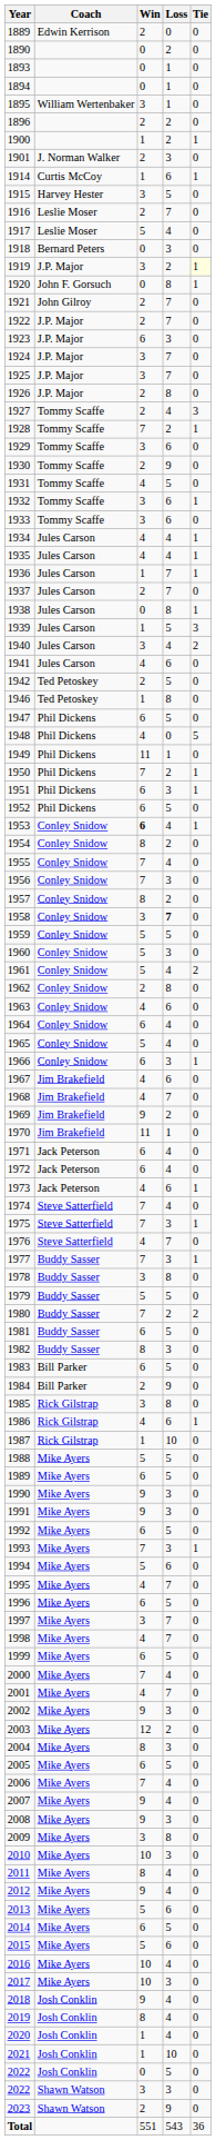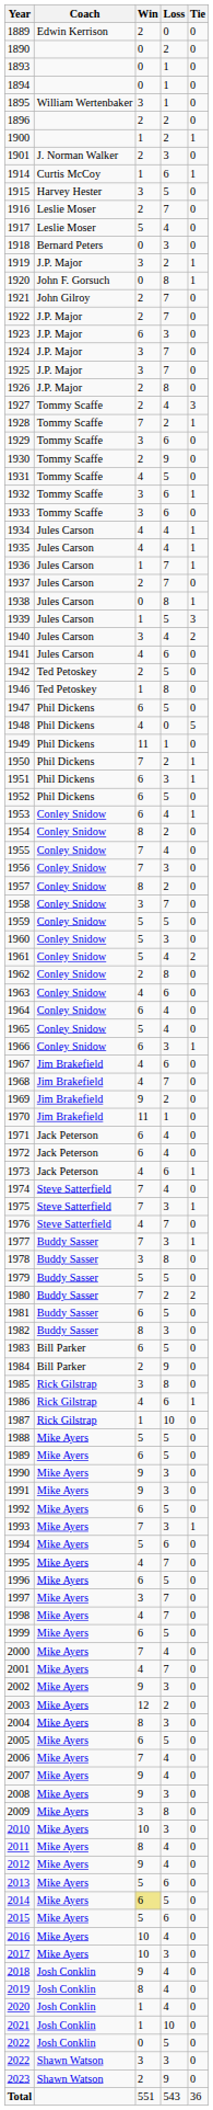 <table class="wikitable">
 <tr>
 <th>Year</th>
 <th>Coach</th>
 <th>Win</th>
 <th>Loss</th>
 <th>Tie</th>
 </tr>
 <tr>
 <td>1889</td>
 <td>Edwin Kerrison</td>
 <td>2</td>
 <td>0</td>
 <td>0</td>
 </tr>
 <tr>
 <td>1890</td>
 <td></td>
 <td>0</td>
 <td>2</td>
 <td>0</td>
 </tr>
 <tr>
 <td>1893</td>
 <td></td>
 <td>0</td>
 <td>1</td>
 <td>0</td>
 </tr>
 <tr>
 <td>1894</td>
 <td></td>
 <td>0</td>
 <td>1</td>
 <td>0</td>
 </tr>
 <tr>
 <td>1895</td>
 <td>William Wertenbaker</td>
 <td>3</td>
 <td>1</td>
 <td>0</td>
 </tr>
 <tr>
 <td>1896</td>
 <td></td>
 <td>2</td>
 <td>2</td>
 <td>0</td>
 </tr>
 <tr>
 <td>1900</td>
 <td></td>
 <td>1</td>
 <td>2</td>
 <td>1</td>
 </tr>
 <tr>
 <td>1901</td>
 <td>J. Norman Walker</td>
 <td>2</td>
 <td>3</td>
 <td>0</td>
 </tr>
 <tr>
 <td>1914</td>
 <td>Curtis McCoy</td>
 <td>1</td>
 <td>6</td>
 <td>1</td>
 </tr>
 <tr>
 <td>1915</td>
 <td>Harvey Hester</td>
 <td>3</td>
 <td>5</td>
 <td>0</td>
 </tr>
 <tr>
 <td>1916</td>
 <td>Leslie Moser</td>
 <td>2</td>
 <td>7</td>
 <td>0</td>
 </tr>
 <tr>
 <td>1917</td>
 <td>Leslie Moser</td>
 <td>5</td>
 <td>4</td>
 <td>0</td>
 </tr>
 <tr>
 <td>1918</td>
 <td>Bernard Peters</td>
 <td>0</td>
 <td>3</td>
 <td>0</td>
 </tr>
 <tr>
 <td>1919</td>
 <td>J.P. Major</td>
 <td>3</td>
 <td>2</td>
-<td style="background: lightyellow;">1</td>
+<td>1</td>
 </tr>
 <tr>
 <td>1920</td>
 <td>John F. Gorsuch</td>
 <td>0</td>
 <td>8</td>
 <td>1</td>
 </tr>
 <tr>
 <td>1921</td>
 <td>John Gilroy</td>
 <td>2</td>
 <td>7</td>
 <td>0</td>
 </tr>
 <tr>
 <td>1922</td>
 <td>J.P. Major</td>
 <td>2</td>
 <td>7</td>
 <td>0</td>
 </tr>
 <tr>
 <td>1923</td>
 <td>J.P. Major</td>
 <td>6</td>
 <td>3</td>
 <td>0</td>
 </tr>
 <tr>
 <td>1924</td>
 <td>J.P. Major</td>
 <td>3</td>
 <td>7</td>
 <td>0</td>
 </tr>
 <tr>
 <td>1925</td>
 <td>J.P. Major</td>
 <td>3</td>
 <td>7</td>
 <td>0</td>
 </tr>
 <tr>
 <td>1926</td>
 <td>J.P. Major</td>
 <td>2</td>
 <td>8</td>
 <td>0</td>
 </tr>
 <tr>
 <td>1927</td>
 <td>Tommy Scaffe</td>
 <td>2</td>
 <td>4</td>
 <td>3</td>
 </tr>
 <tr>
 <td>1928</td>
 <td>Tommy Scaffe</td>
 <td>7</td>
 <td>2</td>
 <td>1</td>
 </tr>
 <tr>
 <td>1929</td>
 <td>Tommy Scaffe</td>
 <td>3</td>
 <td>6</td>
 <td>0</td>
 </tr>
 <tr>
 <td>1930</td>
 <td>Tommy Scaffe</td>
 <td>2</td>
 <td>9</td>
 <td>0</td>
 </tr>
 <tr>
 <td>1931</td>
 <td>Tommy Scaffe</td>
 <td>4</td>
 <td>5</td>
 <td>0</td>
 </tr>
 <tr>
 <td>1932</td>
 <td>Tommy Scaffe</td>
 <td>3</td>
 <td>6</td>
 <td>1</td>
 </tr>
 <tr>
 <td>1933</td>
 <td>Tommy Scaffe</td>
 <td>3</td>
 <td>6</td>
 <td>0</td>
 </tr>
 <tr>
 <td>1934</td>
 <td>Jules Carson</td>
 <td>4</td>
 <td>4</td>
 <td>1</td>
 </tr>
 <tr>
 <td>1935</td>
 <td>Jules Carson</td>
 <td>4</td>
 <td>4</td>
 <td>1</td>
 </tr>
 <tr>
 <td>1936</td>
 <td>Jules Carson</td>
 <td>1</td>
 <td>7</td>
 <td>1</td>
 </tr>
 <tr>
 <td>1937</td>
 <td>Jules Carson</td>
 <td>2</td>
 <td>7</td>
 <td>0</td>
 </tr>
 <tr>
 <td>1938</td>
 <td>Jules Carson</td>
 <td>0</td>
 <td>8</td>
 <td>1</td>
 </tr>
 <tr>
 <td>1939</td>
 <td>Jules Carson</td>
 <td>1</td>
 <td>5</td>
 <td>3</td>
 </tr>
 <tr>
 <td>1940</td>
 <td>Jules Carson</td>
 <td>3</td>
 <td>4</td>
 <td>2</td>
 </tr>
 <tr>
 <td>1941</td>
 <td>Jules Carson</td>
 <td>4</td>
 <td>6</td>
 <td>0</td>
 </tr>
 <tr>
 <td>1942</td>
 <td>Ted Petoskey</td>
 <td>2</td>
 <td>5</td>
 <td>0</td>
 </tr>
 <tr>
 <td>1946</td>
 <td>Ted Petoskey</td>
 <td>1</td>
 <td>8</td>
 <td>0</td>
 </tr>
 <tr>
 <td>1947</td>
 <td>Phil Dickens</td>
 <td>6</td>
 <td>5</td>
 <td>0</td>
 </tr>
 <tr>
 <td>1948</td>
 <td>Phil Dickens</td>
 <td>4</td>
 <td>0</td>
 <td>5</td>
 </tr>
 <tr>
 <td>1949</td>
 <td>Phil Dickens</td>
 <td>11</td>
 <td>1</td>
 <td>0</td>
 </tr>
 <tr>
 <td>1950</td>
 <td>Phil Dickens</td>
 <td>7</td>
 <td>2</td>
 <td>1</td>
 </tr>
 <tr>
 <td>1951</td>
 <td>Phil Dickens</td>
 <td>6</td>
 <td>3</td>
 <td>1</td>
 </tr>
 <tr>
 <td>1952</td>
 <td>Phil Dickens</td>
 <td>6</td>
 <td>5</td>
 <td>0</td>
 </tr>
 <tr>
 <td>1953</td>
 <td><a href='#'>Conley Snidow</a></td>
-<td><strong>6</strong></td>
+<td>6</td>
 <td>4</td>
 <td>1</td>
 </tr>
 <tr>
 <td>1954</td>
 <td><a href='#'>Conley Snidow</a></td>
 <td>8</td>
 <td>2</td>
 <td>0</td>
 </tr>
 <tr>
 <td>1955</td>
 <td><a href='#'>Conley Snidow</a></td>
 <td>7</td>
 <td>4</td>
 <td>0</td>
 </tr>
 <tr>
 <td>1956</td>
 <td><a href='#'>Conley Snidow</a></td>
 <td>7</td>
 <td>3</td>
 <td>0</td>
 </tr>
 <tr>
 <td>1957</td>
 <td><a href='#'>Conley Snidow</a></td>
 <td>8</td>
 <td>2</td>
 <td>0</td>
 </tr>
 <tr>
 <td>1958</td>
 <td><a href='#'>Conley Snidow</a></td>
 <td>3</td>
-<td><strong>7</strong></td>
+<td>7</td>
 <td>0</td>
 </tr>
 <tr>
 <td>1959</td>
 <td><a href='#'>Conley Snidow</a></td>
 <td>5</td>
 <td>5</td>
 <td>0</td>
 </tr>
 <tr>
 <td>1960</td>
 <td><a href='#'>Conley Snidow</a></td>
 <td>5</td>
 <td>3</td>
 <td>0</td>
 </tr>
 <tr>
 <td>1961</td>
 <td><a href='#'>Conley Snidow</a></td>
 <td>5</td>
 <td>4</td>
 <td>2</td>
 </tr>
 <tr>
 <td>1962</td>
 <td><a href='#'>Conley Snidow</a></td>
 <td>2</td>
 <td>8</td>
 <td>0</td>
 </tr>
 <tr>
 <td>1963</td>
 <td><a href='#'>Conley Snidow</a></td>
 <td>4</td>
 <td>6</td>
 <td>0</td>
 </tr>
 <tr>
 <td>1964</td>
 <td><a href='#'>Conley Snidow</a></td>
 <td>6</td>
 <td>4</td>
 <td>0</td>
 </tr>
 <tr>
 <td>1965</td>
 <td><a href='#'>Conley Snidow</a></td>
 <td>5</td>
 <td>4</td>
 <td>0</td>
 </tr>
 <tr>
 <td>1966</td>
 <td><a href='#'>Conley Snidow</a></td>
 <td>6</td>
 <td>3</td>
 <td>1</td>
 </tr>
 <tr>
 <td>1967</td>
 <td><a href='#'>Jim Brakefield</a></td>
 <td>4</td>
 <td>6</td>
 <td>0</td>
 </tr>
 <tr>
 <td>1968</td>
 <td><a href='#'>Jim Brakefield</a></td>
 <td>4</td>
 <td>7</td>
 <td>0</td>
 </tr>
 <tr>
 <td>1969</td>
 <td><a href='#'>Jim Brakefield</a></td>
 <td>9</td>
 <td>2</td>
 <td>0</td>
 </tr>
 <tr>
 <td>1970</td>
 <td><a href='#'>Jim Brakefield</a></td>
 <td>11</td>
 <td>1</td>
 <td>0</td>
 </tr>
 <tr>
 <td>1971</td>
 <td>Jack Peterson</td>
 <td>6</td>
 <td>4</td>
 <td>0</td>
 </tr>
 <tr>
 <td>1972</td>
 <td>Jack Peterson</td>
 <td>6</td>
 <td>4</td>
 <td>0</td>
 </tr>
 <tr>
 <td>1973</td>
 <td>Jack Peterson</td>
 <td>4</td>
 <td>6</td>
 <td>1</td>
 </tr>
 <tr>
 <td>1974</td>
 <td><a href='#'>Steve Satterfield</a></td>
 <td>7</td>
 <td>4</td>
 <td>0</td>
 </tr>
 <tr>
 <td>1975</td>
 <td><a href='#'>Steve Satterfield</a></td>
 <td>7</td>
 <td>3</td>
 <td>1</td>
 </tr>
 <tr>
 <td>1976</td>
 <td><a href='#'>Steve Satterfield</a></td>
 <td>4</td>
 <td>7</td>
 <td>0</td>
 </tr>
 <tr>
 <td>1977</td>
 <td><a href='#'>Buddy Sasser</a></td>
 <td>7</td>
 <td>3</td>
 <td>1</td>
 </tr>
 <tr>
 <td>1978</td>
 <td><a href='#'>Buddy Sasser</a></td>
 <td>3</td>
 <td>8</td>
 <td>0</td>
 </tr>
 <tr>
 <td>1979</td>
 <td><a href='#'>Buddy Sasser</a></td>
 <td>5</td>
 <td>5</td>
 <td>0</td>
 </tr>
 <tr>
 <td>1980</td>
 <td><a href='#'>Buddy Sasser</a></td>
 <td>7</td>
 <td>2</td>
 <td>2</td>
 </tr>
 <tr>
 <td>1981</td>
 <td><a href='#'>Buddy Sasser</a></td>
 <td>6</td>
 <td>5</td>
 <td>0</td>
 </tr>
 <tr>
 <td>1982</td>
 <td><a href='#'>Buddy Sasser</a></td>
 <td>8</td>
 <td>3</td>
 <td>0</td>
 </tr>
 <tr>
 <td>1983</td>
 <td>Bill Parker</td>
 <td>6</td>
 <td>5</td>
 <td>0</td>
 </tr>
 <tr>
 <td>1984</td>
 <td>Bill Parker</td>
 <td>2</td>
 <td>9</td>
 <td>0</td>
 </tr>
 <tr>
 <td>1985</td>
 <td><a href='#'>Rick Gilstrap</a></td>
 <td>3</td>
 <td>8</td>
 <td>0</td>
 </tr>
 <tr>
 <td>1986</td>
 <td><a href='#'>Rick Gilstrap</a></td>
 <td>4</td>
 <td>6</td>
 <td>1</td>
 </tr>
 <tr>
 <td>1987</td>
 <td><a href='#'>Rick Gilstrap</a></td>
 <td>1</td>
 <td>10</td>
 <td>0</td>
 </tr>
 <tr>
 <td>1988</td>
 <td><a href='#'>Mike Ayers</a></td>
 <td>5</td>
 <td>5</td>
 <td>0</td>
 </tr>
 <tr>
 <td>1989</td>
 <td><a href='#'>Mike Ayers</a></td>
 <td>6</td>
 <td>5</td>
 <td>0</td>
 </tr>
 <tr>
 <td>1990</td>
 <td><a href='#'>Mike Ayers</a></td>
 <td>9</td>
 <td>3</td>
 <td>0</td>
 </tr>
 <tr>
 <td>1991</td>
 <td><a href='#'>Mike Ayers</a></td>
 <td>9</td>
 <td>3</td>
 <td>0</td>
 </tr>
 <tr>
 <td>1992</td>
 <td><a href='#'>Mike Ayers</a></td>
 <td>6</td>
 <td>5</td>
 <td>0</td>
 </tr>
 <tr>
 <td>1993</td>
 <td><a href='#'>Mike Ayers</a></td>
 <td>7</td>
 <td>3</td>
 <td>1</td>
 </tr>
 <tr>
 <td>1994</td>
 <td><a href='#'>Mike Ayers</a></td>
 <td>5</td>
 <td>6</td>
 <td>0</td>
 </tr>
 <tr>
 <td>1995</td>
 <td><a href='#'>Mike Ayers</a></td>
 <td>4</td>
 <td>7</td>
 <td>0</td>
 </tr>
 <tr>
 <td>1996</td>
 <td><a href='#'>Mike Ayers</a></td>
 <td>6</td>
 <td>5</td>
 <td>0</td>
 </tr>
 <tr>
 <td>1997</td>
 <td><a href='#'>Mike Ayers</a></td>
 <td>3</td>
 <td>7</td>
 <td>0</td>
 </tr>
 <tr>
 <td>1998</td>
 <td><a href='#'>Mike Ayers</a></td>
 <td>4</td>
 <td>7</td>
 <td>0</td>
 </tr>
 <tr>
 <td>1999</td>
 <td><a href='#'>Mike Ayers</a></td>
 <td>6</td>
 <td>5</td>
 <td>0</td>
 </tr>
 <tr>
 <td>2000</td>
 <td><a href='#'>Mike Ayers</a></td>
 <td>7</td>
 <td>4</td>
 <td>0</td>
 </tr>
 <tr>
 <td>2001</td>
 <td><a href='#'>Mike Ayers</a></td>
 <td>4</td>
 <td>7</td>
 <td>0</td>
 </tr>
 <tr>
 <td>2002</td>
 <td><a href='#'>Mike Ayers</a></td>
 <td>9</td>
 <td>3</td>
 <td>0</td>
 </tr>
 <tr>
 <td>2003</td>
 <td><a href='#'>Mike Ayers</a></td>
 <td>12</td>
 <td>2</td>
 <td>0</td>
 </tr>
 <tr>
 <td>2004</td>
 <td><a href='#'>Mike Ayers</a></td>
 <td>8</td>
 <td>3</td>
 <td>0</td>
 </tr>
 <tr>
 <td>2005</td>
 <td><a href='#'>Mike Ayers</a></td>
 <td>6</td>
 <td>5</td>
 <td>0</td>
 </tr>
 <tr>
 <td>2006</td>
 <td><a href='#'>Mike Ayers</a></td>
 <td>7</td>
 <td>4</td>
 <td>0</td>
 </tr>
 <tr>
 <td>2007</td>
 <td><a href='#'>Mike Ayers</a></td>
 <td>9</td>
 <td>4</td>
 <td>0</td>
 </tr>
 <tr>
 <td>2008</td>
 <td><a href='#'>Mike Ayers</a></td>
 <td>9</td>
 <td>3</td>
 <td>0</td>
 </tr>
 <tr>
 <td>2009</td>
 <td><a href='#'>Mike Ayers</a></td>
 <td>3</td>
 <td>8</td>
 <td>0</td>
 </tr>
 <tr>
 <td><a href='#'>2010</a></td>
 <td><a href='#'>Mike Ayers</a></td>
 <td>10</td>
 <td>3</td>
 <td>0</td>
 </tr>
 <tr>
 <td><a href='#'>2011</a></td>
 <td><a href='#'>Mike Ayers</a></td>
 <td>8</td>
 <td>4</td>
 <td>0</td>
 </tr>
 <tr>
 <td><a href='#'>2012</a></td>
 <td><a href='#'>Mike Ayers</a></td>
 <td>9</td>
 <td>4</td>
 <td>0</td>
 </tr>
 <tr>
 <td><a href='#'>2013</a></td>
 <td><a href='#'>Mike Ayers</a></td>
 <td>5</td>
 <td>6</td>
 <td>0</td>
 </tr>
 <tr>
 <td><a href='#'>2014</a></td>
 <td><a href='#'>Mike Ayers</a></td>
-<td>6</td>
+<td style="background: khaki;">6</td>
 <td>5</td>
 <td>0</td>
 </tr>
 <tr>
 <td><a href='#'>2015</a></td>
 <td><a href='#'>Mike Ayers</a></td>
 <td>5</td>
 <td>6</td>
 <td>0</td>
 </tr>
 <tr>
 <td><a href='#'>2016</a></td>
 <td><a href='#'>Mike Ayers</a></td>
 <td>10</td>
 <td>4</td>
 <td>0</td>
 </tr>
 <tr>
 <td><a href='#'>2017</a></td>
 <td><a href='#'>Mike Ayers</a></td>
 <td>10</td>
 <td>3</td>
 <td>0</td>
 </tr>
 <tr>
 <td><a href='#'>2018</a></td>
 <td><a href='#'>Josh Conklin</a></td>
 <td>9</td>
 <td>4</td>
 <td>0</td>
 </tr>
 <tr>
 <td><a href='#'>2019</a></td>
 <td><a href='#'>Josh Conklin</a></td>
 <td>8</td>
 <td>4</td>
 <td>0</td>
 </tr>
 <tr>
 <td><a href='#'>2020</a></td>
 <td><a href='#'>Josh Conklin</a></td>
 <td>1</td>
 <td>4</td>
 <td>0</td>
 </tr>
 <tr>
 <td><a href='#'>2021</a></td>
 <td><a href='#'>Josh Conklin</a></td>
 <td>1</td>
 <td>10</td>
 <td>0</td>
 </tr>
 <tr>
 <td><a href='#'>2022</a></td>
 <td><a href='#'>Josh Conklin</a></td>
 <td>0</td>
 <td>5</td>
 <td>0</td>
 </tr>
 <tr>
 <td><a href='#'>2022</a></td>
 <td><a href='#'>Shawn Watson</a></td>
 <td>3</td>
 <td>3</td>
 <td>0</td>
 </tr>
 <tr>
 <td><a href='#'>2023</a></td>
 <td><a href='#'>Shawn Watson</a></td>
 <td>2</td>
 <td>9</td>
 <td>0</td>
 </tr>
 <tr>
 <td><strong>Total</strong></td>
 <td></td>
 <td>551</td>
 <td>543</td>
 <td>36</td>
 </tr>
 </table>
